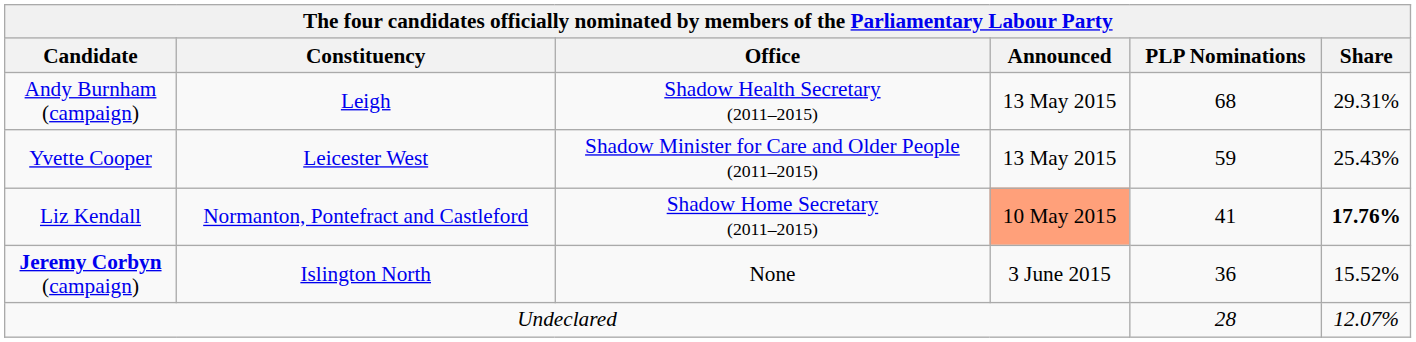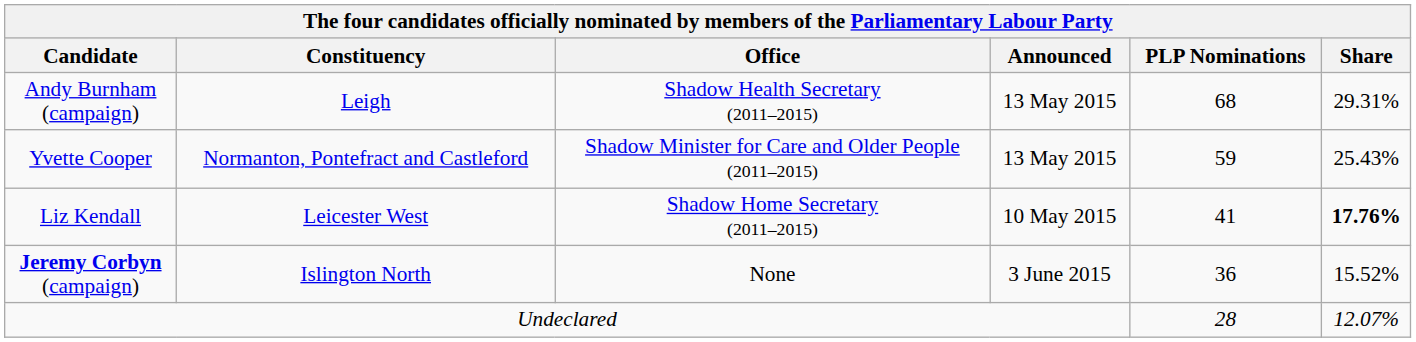 <table class ="wikitable">
 <tr>
 <th style="background:#f1f1f1; width:1050px;" colspan="30">The four candidates officially nominated by members of the <a href='#'>Parliamentary Labour Party</a></th>
 </tr>
 <tr>
 <th>Candidate</th>
 <th>Constituency</th>
 <th>Office</th>
 <th>Announced</th>
 <th>PLP Nominations</th>
 <th>Share</th>
 </tr>
 <tr style="text-align: center;"  |>
 <td><a href='#'>Andy Burnham</a><br>(<a href='#'>campaign</a>)</td>
 <td><a href='#'>Leigh</a></td>
 <td><a href='#'>Shadow Health Secretary</a><br><small>(2011–2015)</small></td>
 <td>13 May 2015</td>
 <td>68</td>
 <td>29.31%</td>
 </tr>
 <tr style="text-align: center;"  |>
 <td><a href='#'>Yvette Cooper</a></td>
-<td><a href='#'>Leicester West</a></td>
+<td><a href='#'>Normanton, Pontefract and Castleford</a></td>
 <td><a href='#'>Shadow Minister for Care and Older People</a><br><small>(2011–2015)</small></td>
 <td>13 May 2015</td>
 <td>59</td>
 <td>25.43%</td>
 </tr>
 <tr style="text-align: center;"  |>
 <td><a href='#'>Liz Kendall</a></td>
-<td><a href='#'>Normanton, Pontefract and Castleford</a></td>
+<td><a href='#'>Leicester West</a></td>
 <td><a href='#'>Shadow Home Secretary</a><br><small>(2011–2015)</small></td>
-<td style="background: lightsalmon;">10 May 2015</td>
+<td>10 May 2015</td>
 <td>41</td>
 <td><strong>17.76%</strong></td>
 </tr>
 <tr style="text-align: center;"  |>
 <td><strong><a href='#'>Jeremy Corbyn</a></strong><br>(<a href='#'>campaign</a>)</td>
 <td><a href='#'>Islington North</a></td>
 <td>None</td>
 <td>3 June 2015</td>
 <td>36</td>
 <td>15.52%</td>
 </tr>
 <tr style="background-color: ">
 <td colspan="4" style="text-align: center;"><em>Undeclared</em></td>
 <td style="text-align: center;"><em>28</em></td>
 <td style="text-align: center;"><em>12.07%</em></td>
 </tr>
 </table>
